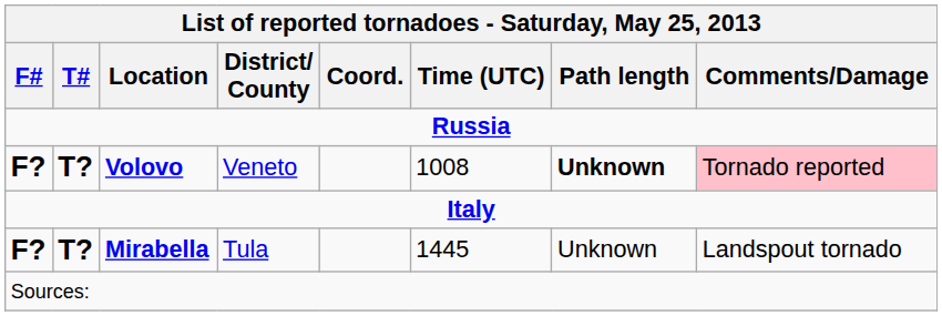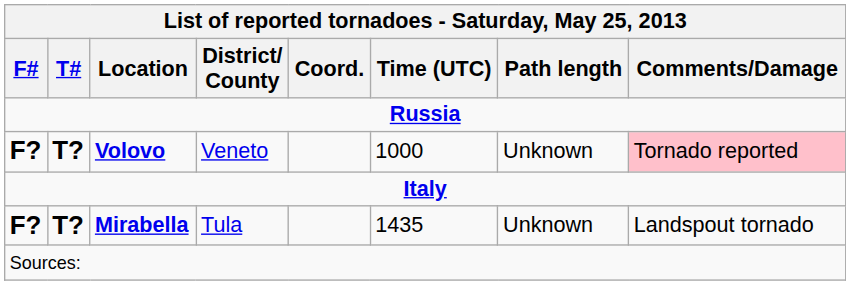 <table class="wikitable collapsible" width="100%">
 <tr>
 <th colspan="8">List of reported tornadoes - Saturday, May 25, 2013</th>
 </tr>
 <tr>
 <th><a href='#'>F#</a></th>
 <th><a href='#'>T#</a></th>
 <th>Location</th>
 <th>District/<br>County</th>
 <th>Coord.</th>
 <th>Time (UTC)</th>
 <th>Path length</th>
 <th>Comments/Damage</th>
 </tr>
 <tr>
 <td colspan="8" align=center><strong><a href='#'>Russia</a></strong></td>
 </tr>
 <tr>
 <td><big><strong>F?</strong></big></td>
 <td><big><strong>T?</strong></big></td>
 <td><strong><a href='#'>Volovo</a></strong></td>
 <td><a href='#'>Veneto</a></td>
 <td></td>
-<td>1008</td>
-<td><strong>Unknown</strong></td>
+<td>1000</td>
+<td>Unknown</td>
 <td style="background: pink;">Tornado reported</td>
 </tr>
 <tr>
 <td colspan="8" align=center><strong><a href='#'>Italy</a></strong></td>
 </tr>
 <tr>
 <td><big><strong>F?</strong></big></td>
 <td><big><strong>T?</strong></big></td>
 <td><strong><a href='#'>Mirabella</a></strong></td>
 <td><a href='#'>Tula</a></td>
 <td></td>
-<td>1445</td>
+<td>1435</td>
 <td>Unknown</td>
 <td>Landspout tornado</td>
 </tr>
 <tr>
 <td colspan="8"><small>Sources:  </small></td>
 </tr>
 </table>
